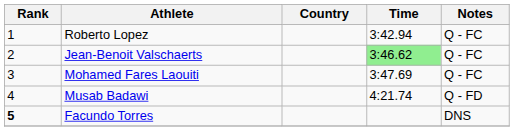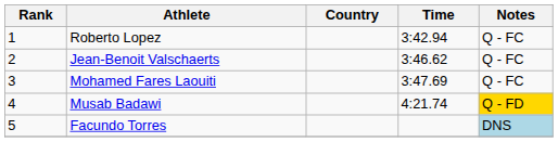 <table class="wikitable" width=50%>
 <tr>
 <th>Rank</th>
 <th>Athlete</th>
 <th>Country</th>
 <th>Time</th>
 <th>Notes</th>
 </tr>
 <tr>
 <td>1</td>
 <td>Roberto Lopez</td>
 <td></td>
 <td>3:42.94</td>
 <td>Q - FC</td>
 </tr>
 <tr>
 <td>2</td>
 <td><a href='#'>Jean-Benoit Valschaerts</a></td>
 <td></td>
-<td style="background: lightgreen;">3:46.62</td>
+<td>3:46.62</td>
 <td>Q - FC</td>
 </tr>
 <tr>
 <td>3</td>
 <td><a href='#'>Mohamed Fares Laouiti</a></td>
 <td></td>
 <td>3:47.69</td>
 <td>Q - FC</td>
 </tr>
 <tr>
 <td>4</td>
 <td><a href='#'>Musab Badawi</a></td>
 <td></td>
 <td>4:21.74</td>
-<td>Q - FD</td>
+<td style="background: gold;">Q - FD</td>
 </tr>
 <tr>
-<td><strong>5</strong></td>
+<td>5</td>
 <td><a href='#'>Facundo Torres</a></td>
 <td></td>
 <td></td>
-<td>DNS</td>
+<td style="background: lightblue;">DNS</td>
 </tr>
 <tr>
 </tr>
 </table>
